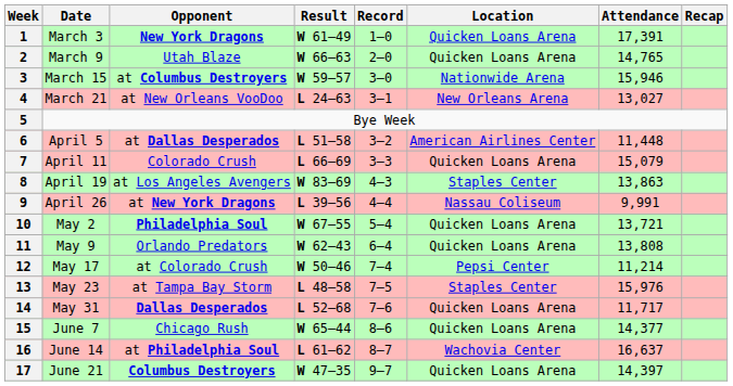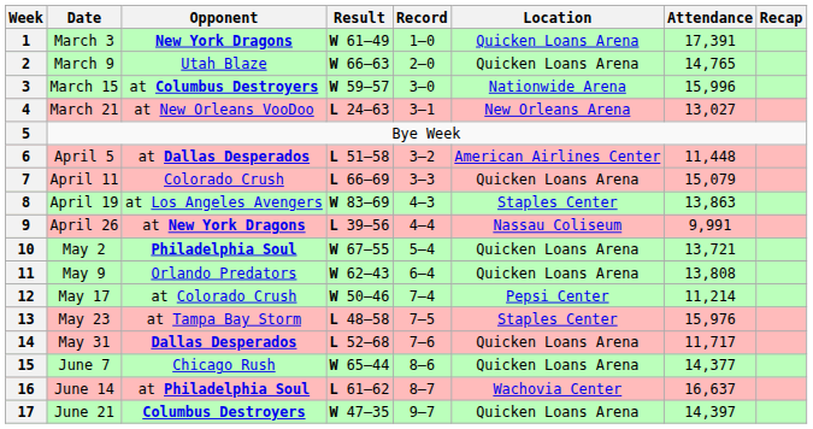 <table class="wikitable" style="text-align:center">
 <tr>
 <th>Week</th>
 <th>Date</th>
 <th>Opponent</th>
 <th>Result</th>
 <th>Record</th>
 <th>Location</th>
 <th>Attendance</th>
 <th>Recap</th>
 </tr>
 <tr bgcolor="#bbffbb">
 <th>1</th>
 <td>March 3</td>
 <td><strong><a href='#'>New York Dragons</a></strong></td>
 <td><strong>W</strong> 61–49</td>
 <td>1–0</td>
 <td><a href='#'>Quicken Loans Arena</a></td>
 <td>17,391</td>
 <td></td>
 </tr>
 <tr bgcolor="#bbffbb">
 <th>2</th>
 <td>March 9</td>
 <td><a href='#'>Utah Blaze</a></td>
 <td><strong>W</strong> 66–63</td>
 <td>2–0</td>
 <td>Quicken Loans Arena</td>
 <td>14,765</td>
 <td></td>
 </tr>
 <tr bgcolor="#bbffbb">
 <th>3</th>
 <td>March 15</td>
 <td>at <strong><a href='#'>Columbus Destroyers</a></strong></td>
 <td><strong>W</strong> 59–57</td>
 <td>3–0</td>
 <td><a href='#'>Nationwide Arena</a></td>
-<td>15,946</td>
+<td>15,996</td>
 <td></td>
 </tr>
 <tr bgcolor="#ffbbbb">
 <th>4</th>
 <td>March 21</td>
 <td>at <a href='#'>New Orleans VooDoo</a></td>
 <td><strong>L</strong> 24–63</td>
 <td>3–1</td>
 <td><a href='#'>New Orleans Arena</a></td>
 <td>13,027</td>
 <td></td>
 </tr>
 <tr>
 <th>5</th>
 <td colspan=7>Bye Week</td>
 </tr>
 <tr bgcolor="#ffbbbb">
 <th>6</th>
 <td>April 5</td>
 <td>at <strong><a href='#'>Dallas Desperados</a></strong></td>
 <td><strong>L</strong> 51–58</td>
 <td>3–2</td>
 <td><a href='#'>American Airlines Center</a></td>
 <td>11,448</td>
 <td></td>
 </tr>
 <tr bgcolor="#ffbbbb">
 <th>7</th>
 <td>April 11</td>
 <td><a href='#'>Colorado Crush</a></td>
 <td><strong>L</strong> 66–69</td>
 <td>3–3</td>
 <td>Quicken Loans Arena</td>
 <td>15,079</td>
 <td></td>
 </tr>
 <tr bgcolor="#bbffbb">
 <th>8</th>
 <td>April 19</td>
 <td>at <a href='#'>Los Angeles Avengers</a></td>
 <td><strong>W</strong> 83–69</td>
 <td>4–3</td>
 <td><a href='#'>Staples Center</a></td>
 <td>13,863</td>
 <td></td>
 </tr>
 <tr bgcolor="#ffbbbb">
 <th>9</th>
 <td>April 26</td>
 <td>at <strong><a href='#'>New York Dragons</a></strong></td>
 <td><strong>L</strong> 39–56</td>
 <td>4–4</td>
 <td><a href='#'>Nassau Coliseum</a></td>
 <td>9,991</td>
 <td></td>
 </tr>
 <tr bgcolor="#bbffbb">
 <th>10</th>
 <td>May 2</td>
 <td><strong><a href='#'>Philadelphia Soul</a></strong></td>
 <td><strong>W</strong> 67–55</td>
 <td>5–4</td>
 <td>Quicken Loans Arena</td>
 <td>13,721</td>
 <td></td>
 </tr>
 <tr bgcolor="#bbffbb">
 <th>11</th>
 <td>May 9</td>
 <td><a href='#'>Orlando Predators</a></td>
 <td><strong>W</strong> 62–43</td>
 <td>6–4</td>
 <td>Quicken Loans Arena</td>
 <td>13,808</td>
 <td></td>
 </tr>
 <tr bgcolor="#bbffbb">
 <th>12</th>
 <td>May 17</td>
 <td>at <a href='#'>Colorado Crush</a></td>
 <td><strong>W</strong> 50–46</td>
 <td>7–4</td>
 <td><a href='#'>Pepsi Center</a></td>
 <td>11,214</td>
 <td></td>
 </tr>
 <tr bgcolor="#ffbbbb">
 <th>13</th>
 <td>May 23</td>
 <td>at <a href='#'>Tampa Bay Storm</a></td>
 <td><strong>L</strong> 48–58</td>
 <td>7–5</td>
 <td><a href='#'>Staples Center</a></td>
 <td>15,976</td>
 <td></td>
 </tr>
 <tr bgcolor="#ffbbbb">
 <th>14</th>
 <td>May 31</td>
 <td><strong><a href='#'>Dallas Desperados</a></strong></td>
 <td><strong>L</strong> 52–68</td>
 <td>7–6</td>
 <td>Quicken Loans Arena</td>
 <td>11,717</td>
 <td></td>
 </tr>
 <tr bgcolor="#bbffbb">
 <th>15</th>
 <td>June 7</td>
 <td><a href='#'>Chicago Rush</a></td>
 <td><strong>W</strong> 65–44</td>
 <td>8–6</td>
 <td>Quicken Loans Arena</td>
 <td>14,377</td>
 <td></td>
 </tr>
 <tr bgcolor="#ffbbbb">
 <th>16</th>
 <td>June 14</td>
 <td>at <strong><a href='#'>Philadelphia Soul</a></strong></td>
 <td><strong>L</strong> 61–62</td>
 <td>8–7</td>
 <td><a href='#'>Wachovia Center</a></td>
 <td>16,637</td>
 <td></td>
 </tr>
 <tr bgcolor="#bbffbb">
 <th>17</th>
 <td>June 21</td>
 <td><strong><a href='#'>Columbus Destroyers</a></strong></td>
 <td><strong>W</strong> 47–35</td>
 <td>9–7</td>
 <td>Quicken Loans Arena</td>
 <td>14,397</td>
 <td></td>
 </tr>
 </table>
